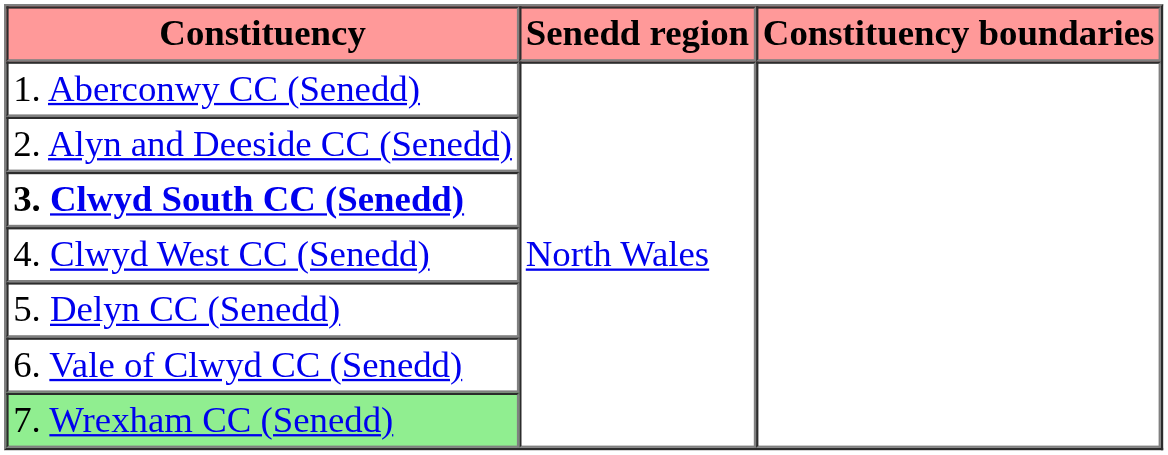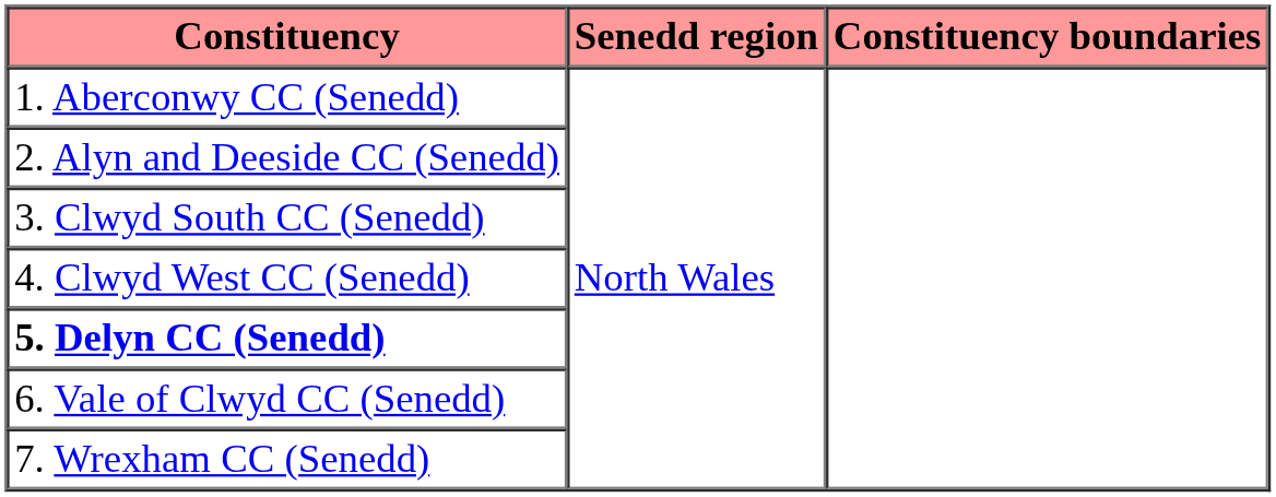 <table border=1 cellpadding="2" cellspacing="0">
 <tr>
 <th bgcolor="#ff9999">Constituency</th>
 <th bgcolor="#ff9999">Senedd region</th>
 <th bgcolor="#ff9999">Constituency boundaries</th>
 </tr>
 <tr>
 <td>1. <a href='#'>Aberconwy CC (Senedd)</a></td>
 <td rowspan=7><a href='#'>North Wales</a></td>
 <td rowspan=7></td>
 </tr>
 <tr>
 <td>2. <a href='#'>Alyn and Deeside CC (Senedd)</a></td>
 </tr>
 <tr>
-<td><strong>3. <a href='#'>Clwyd South CC (Senedd)</a></strong></td>
+<td>3. <a href='#'>Clwyd South CC (Senedd)</a></td>
 </tr>
 <tr>
 <td>4. <a href='#'>Clwyd West CC (Senedd)</a></td>
 </tr>
 <tr>
-<td>5. <a href='#'>Delyn CC (Senedd)</a></td>
+<td><strong>5. <a href='#'>Delyn CC (Senedd)</a></strong></td>
 </tr>
 <tr>
 <td>6. <a href='#'>Vale of Clwyd CC (Senedd)</a></td>
 </tr>
 <tr>
-<td style="background: lightgreen;">7. <a href='#'>Wrexham CC (Senedd)</a></td>
+<td>7. <a href='#'>Wrexham CC (Senedd)</a></td>
 </tr>
 </table>
